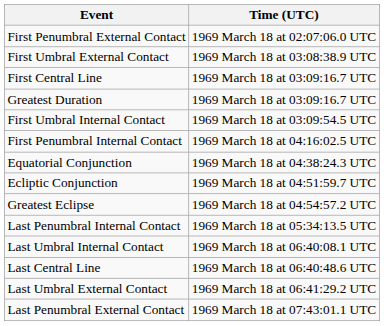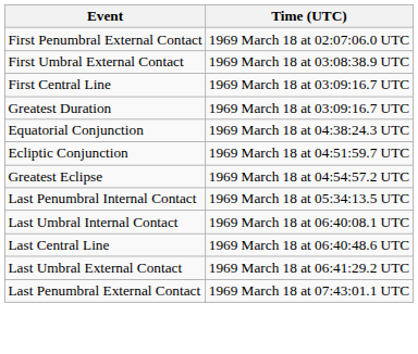 <table class="wikitable">
 <tr>
 <th>Event</th>
 <th>Time (UTC)</th>
 </tr>
 <tr>
 <td>First Penumbral External Contact</td>
 <td>1969 March 18 at 02:07:06.0 UTC</td>
 </tr>
 <tr>
 <td>First Umbral External Contact</td>
 <td>1969 March 18 at 03:08:38.9 UTC</td>
 </tr>
 <tr>
 <td>First Central Line</td>
 <td>1969 March 18 at 03:09:16.7 UTC</td>
 </tr>
 <tr>
 <td>Greatest Duration</td>
 <td>1969 March 18 at 03:09:16.7 UTC</td>
-</tr>
-<tr>
-<td>First Umbral Internal Contact</td>
-<td>1969 March 18 at 03:09:54.5 UTC</td>
-</tr>
-<tr>
-<td>First Penumbral Internal Contact</td>
-<td>1969 March 18 at 04:16:02.5 UTC</td>
 </tr>
 <tr>
 <td>Equatorial Conjunction</td>
 <td>1969 March 18 at 04:38:24.3 UTC</td>
 </tr>
 <tr>
 <td>Ecliptic Conjunction</td>
 <td>1969 March 18 at 04:51:59.7 UTC</td>
 </tr>
 <tr>
 <td>Greatest Eclipse</td>
 <td>1969 March 18 at 04:54:57.2 UTC</td>
 </tr>
 <tr>
 <td>Last Penumbral Internal Contact</td>
 <td>1969 March 18 at 05:34:13.5 UTC</td>
 </tr>
 <tr>
 <td>Last Umbral Internal Contact</td>
 <td>1969 March 18 at 06:40:08.1 UTC</td>
 </tr>
 <tr>
 <td>Last Central Line</td>
 <td>1969 March 18 at 06:40:48.6 UTC</td>
 </tr>
 <tr>
 <td>Last Umbral External Contact</td>
 <td>1969 March 18 at 06:41:29.2 UTC</td>
 </tr>
 <tr>
 <td>Last Penumbral External Contact</td>
 <td>1969 March 18 at 07:43:01.1 UTC</td>
 </tr>
 </table>
